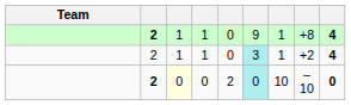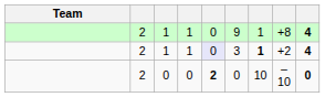 <table class="wikitable" style="text-align: center;">
 <tr>
 <th width=165>Team</th>
 <th width=25></th>
 <th width=25></th>
 <th width=25></th>
 <th width=25></th>
 <th width=25></th>
 <th width=25></th>
 <th width=25></th>
 <th width=25></th>
 </tr>
 <tr style="background:#ccffcc;">
 <td style="text-align:left;"></td>
-<td><strong>2</strong></td>
+<td>2</td>
 <td>1</td>
 <td>1</td>
 <td>0</td>
 <td>9</td>
 <td>1</td>
 <td>+8</td>
 <td><strong>4</strong></td>
 </tr>
 <tr align=center>
 <td style="text-align:left;"></td>
 <td>2</td>
 <td>1</td>
 <td>1</td>
-<td>0</td>
-<td style="background: paleturquoise;">3</td>
-<td>1</td>
+<td style="background: lavender;">0</td>
+<td>3</td>
+<td><strong>1</strong></td>
 <td>+2</td>
 <td><strong>4</strong></td>
 </tr>
 <tr align=center>
 <td style="text-align:left;"></td>
+<td>2</td>
+<td>0</td>
+<td>0</td>
 <td><strong>2</strong></td>
-<td style="background: lightyellow;">0</td>
 <td>0</td>
-<td>2</td>
-<td style="background: paleturquoise;">0</td>
 <td>10</td>
 <td>–10</td>
 <td><strong>0</strong></td>
 </tr>
 </table>
